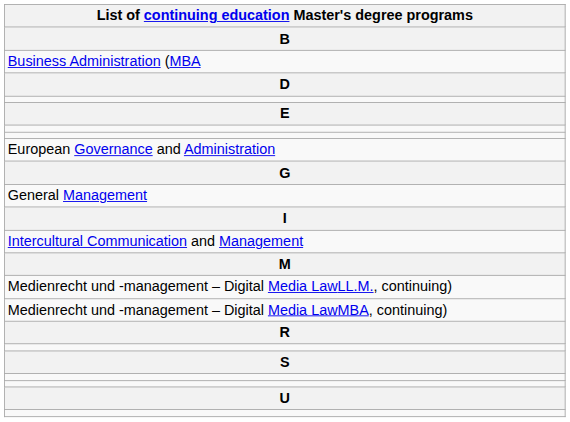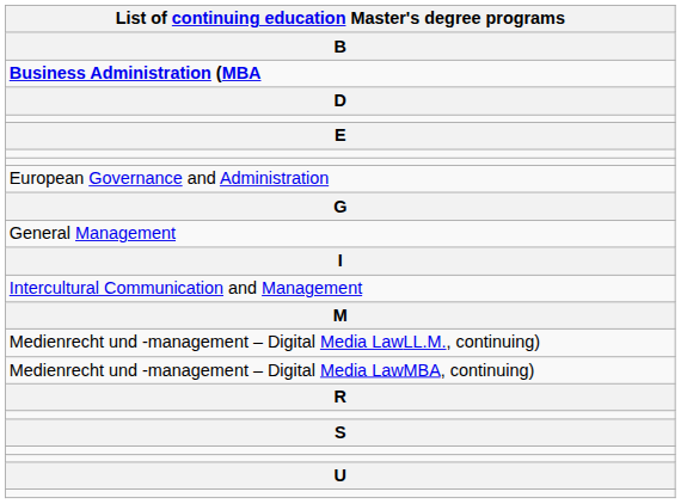 <table class="wikitable  mw-collapsible mw-collapsed" width="100%">
 <tr>
 <th>List of <a href='#'>continuing education</a> Master's degree programs</th>
 </tr>
 <tr>
 <th>B</th>
 </tr>
 <tr>
-<td><a href='#'>Business Administration</a> (<a href='#'>MBA</a></td>
+<td><strong><a href='#'>Business Administration</a> (<a href='#'>MBA</a></strong></td>
 </tr>
 <tr>
 <th>D</th>
 </tr>
 <tr>
 <td></td>
 </tr>
 <tr>
 <th>E</th>
 </tr>
 <tr>
 <td></td>
 </tr>
 <tr>
 <td></td>
 </tr>
 <tr>
 <td>European <a href='#'>Governance</a> and <a href='#'>Administration</a></td>
 </tr>
 <tr>
 <th>G</th>
 </tr>
 <tr>
 <td>General <a href='#'>Management</a></td>
 </tr>
 <tr>
 <th>I</th>
 </tr>
 <tr>
 <td><a href='#'>Intercultural Communication</a> and <a href='#'>Management</a></td>
 </tr>
 <tr>
 <th>M</th>
 </tr>
 <tr>
 <td>Medienrecht und -management – Digital <a href='#'>Media Law</a><a href='#'>LL.M.</a>, continuing)</td>
 </tr>
 <tr>
 <td>Medienrecht und -management – Digital <a href='#'>Media Law</a><a href='#'>MBA</a>, continuing)</td>
 </tr>
 <tr>
 <th>R</th>
 </tr>
 <tr>
 <td></td>
 </tr>
 <tr>
 <th>S</th>
 </tr>
 <tr>
 <td></td>
 </tr>
 <tr>
 <td></td>
 </tr>
 <tr>
 <th>U</th>
 </tr>
 <tr>
 <td></td>
 </tr>
 </table>
